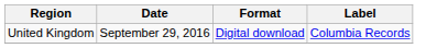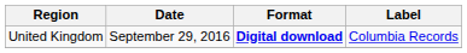 <table class=wikitable>
 <tr>
 <th>Region</th>
 <th>Date</th>
 <th>Format</th>
 <th>Label</th>
 </tr>
 <tr>
 <td>United Kingdom</td>
 <td>September 29, 2016</td>
-<td><a href='#'>Digital download</a></td>
+<td><strong><a href='#'>Digital download</a></strong></td>
 <td><a href='#'>Columbia Records</a></td>
 </tr>
 <tr>
 </tr>
 </table>
